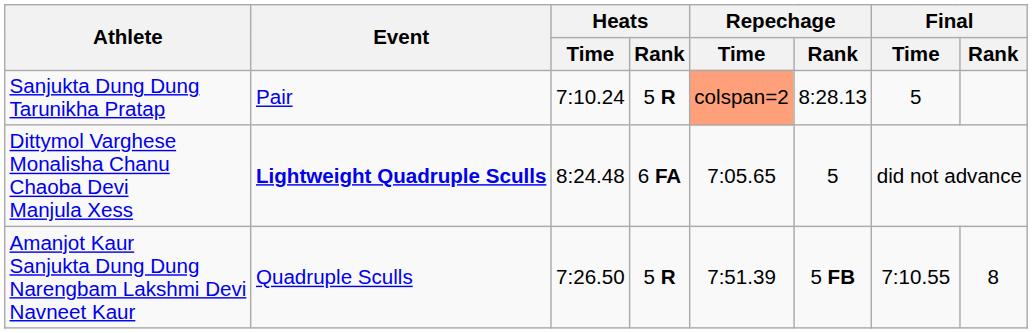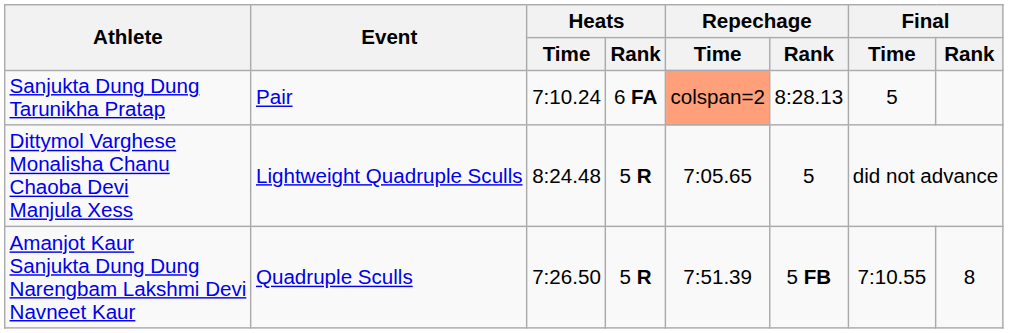 <table class=wikitable style="text-align:center; font-size:90%">
 <tr>
 <th rowspan="2">Athlete</th>
 <th rowspan="2">Event</th>
 <th colspan="2">Heats</th>
 <th colspan="2">Repechage</th>
 <th colspan="2">Final</th>
 </tr>
 <tr>
 <th>Time</th>
 <th>Rank</th>
 <th>Time</th>
 <th>Rank</th>
 <th>Time</th>
 <th>Rank</th>
 </tr>
 <tr>
 <td align=left><a href='#'>Sanjukta Dung Dung</a><br><a href='#'>Tarunikha Pratap</a></td>
 <td align=left><a href='#'>Pair</a></td>
 <td>7:10.24</td>
-<td>5 <strong>R</strong></td>
+<td>6 <strong>FA</strong></td>
 <td style="background: lightsalmon;">colspan=2 </td>
 <td>8:28.13</td>
 <td>5</td>
 </tr>
 <tr>
 <td align=left><a href='#'>Dittymol Varghese</a><br><a href='#'>Monalisha Chanu</a><br><a href='#'>Chaoba Devi</a><br><a href='#'>Manjula Xess</a></td>
-<td align=left><strong><a href='#'>Lightweight Quadruple Sculls</a></strong></td>
+<td align=left><a href='#'>Lightweight Quadruple Sculls</a></td>
 <td>8:24.48</td>
-<td>6 <strong>FA</strong></td>
+<td>5 <strong>R</strong></td>
 <td>7:05.65</td>
 <td>5</td>
 <td colspan=2>did not advance</td>
 </tr>
 <tr>
 <td align=left><a href='#'>Amanjot Kaur</a><br><a href='#'>Sanjukta Dung Dung</a><br><a href='#'>Narengbam Lakshmi Devi</a><br><a href='#'>Navneet Kaur</a></td>
 <td align=left><a href='#'>Quadruple Sculls</a></td>
 <td>7:26.50</td>
 <td>5 <strong>R</strong></td>
 <td>7:51.39</td>
 <td>5 <strong>FB</strong></td>
 <td>7:10.55</td>
 <td>8</td>
 </tr>
 </table>
